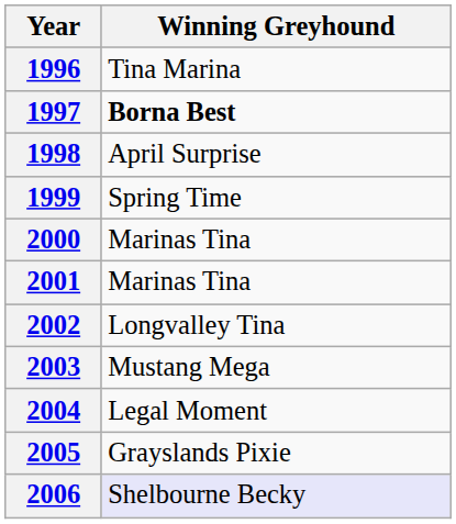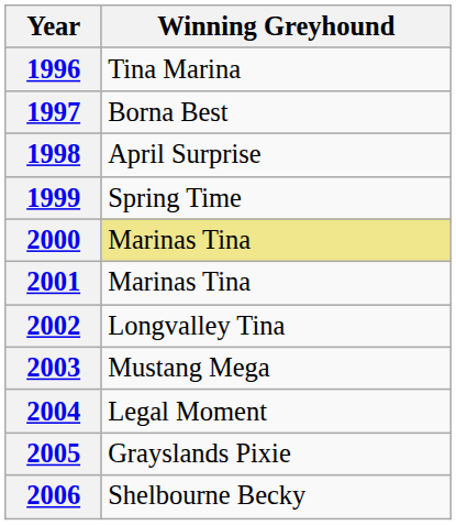 <table class="wikitable">
 <tr>
 <th width=50>Year</th>
 <th width=200>Winning Greyhound</th>
 </tr>
 <tr>
 <th><a href='#'>1996</a></th>
 <td>Tina Marina</td>
 </tr>
 <tr>
 <th><a href='#'>1997</a></th>
-<td><strong>Borna Best</strong></td>
+<td>Borna Best</td>
 </tr>
 <tr>
 <th><a href='#'>1998</a></th>
 <td>April Surprise</td>
 </tr>
 <tr>
 <th><a href='#'>1999</a></th>
 <td>Spring Time</td>
 </tr>
 <tr>
 <th><a href='#'>2000</a></th>
-<td>Marinas Tina</td>
+<td style="background: khaki;">Marinas Tina</td>
 </tr>
 <tr>
 <th><a href='#'>2001</a></th>
 <td>Marinas Tina</td>
 </tr>
 <tr>
 <th><a href='#'>2002</a></th>
 <td>Longvalley Tina</td>
 </tr>
 <tr>
 <th><a href='#'>2003</a></th>
 <td>Mustang Mega</td>
 </tr>
 <tr>
 <th><a href='#'>2004</a></th>
 <td>Legal Moment</td>
 </tr>
 <tr>
 <th><a href='#'>2005</a></th>
 <td>Grayslands Pixie</td>
 </tr>
 <tr>
 <th><a href='#'>2006</a></th>
-<td style="background: lavender;">Shelbourne Becky</td>
+<td>Shelbourne Becky</td>
 </tr>
 </table>
